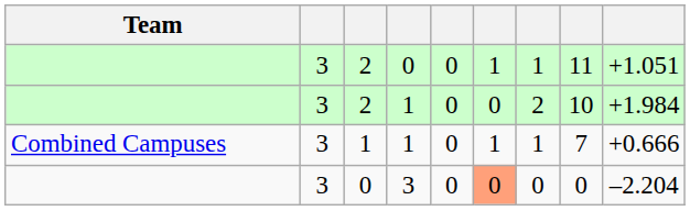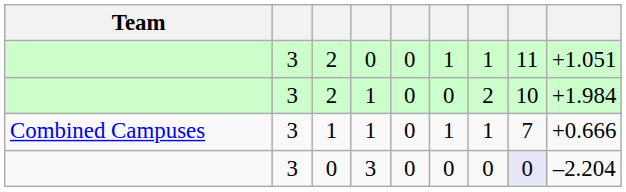 <table class="wikitable" style="text-align:center">
 <tr>
 <th width=180>Team</th>
 <th width=20></th>
 <th width=20></th>
 <th width=20></th>
 <th width=20></th>
 <th width=20></th>
 <th width=20></th>
 <th width=20></th>
 <th width=45></th>
 </tr>
 <tr style="background:#cfc">
 <td align="left"></td>
 <td>3</td>
 <td>2</td>
 <td>0</td>
 <td>0</td>
 <td>1</td>
 <td>1</td>
 <td>11</td>
 <td>+1.051</td>
 </tr>
 <tr style="background:#cfc">
 <td align="left"></td>
 <td>3</td>
 <td>2</td>
 <td>1</td>
 <td>0</td>
 <td>0</td>
 <td>2</td>
 <td>10</td>
 <td>+1.984</td>
 </tr>
 <tr>
 <td align="left"> <a href='#'>Combined Campuses</a></td>
 <td>3</td>
 <td>1</td>
 <td>1</td>
 <td>0</td>
 <td>1</td>
 <td>1</td>
 <td>7</td>
 <td>+0.666</td>
 </tr>
 <tr>
 <td align="left"></td>
 <td>3</td>
 <td>0</td>
 <td>3</td>
 <td>0</td>
-<td style="background: lightsalmon;">0</td>
 <td>0</td>
 <td>0</td>
+<td style="background: lavender;">0</td>
 <td>–2.204</td>
 </tr>
 </table>
